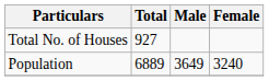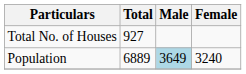 <table class="wikitable sortable">
 <tr>
 <th>Particulars</th>
 <th>Total</th>
 <th>Male</th>
 <th>Female</th>
 </tr>
 <tr>
 <td>Total No. of Houses</td>
 <td>927</td>
 <td></td>
 <td></td>
 </tr>
 <tr>
 <td>Population</td>
 <td>6889</td>
-<td>3649</td>
+<td style="background: lightblue;">3649</td>
 <td>3240</td>
 </tr>
 <tr>
 </tr>
 </table>
